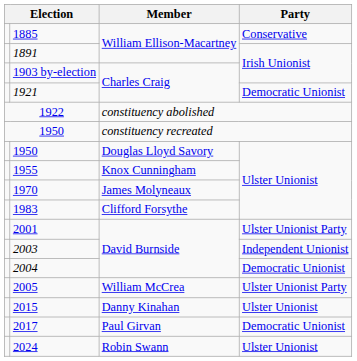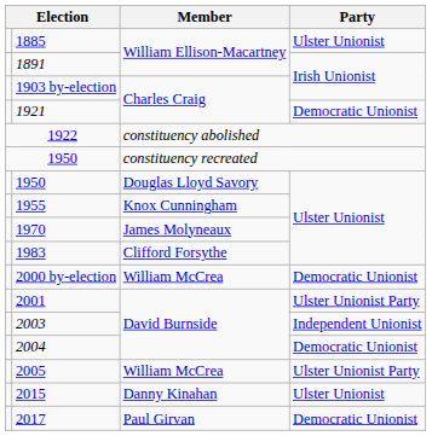 <table class="wikitable">
 <tr>
 <th colspan="2">Election</th>
 <th>Member</th>
 <th>Party</th>
 </tr>
 <tr>
 <td style="color:inherit;background-color: "></td>
 <td><a href='#'>1885</a></td>
 <td rowspan="2"><a href='#'>William Ellison-Macartney</a></td>
-<td><a href='#'>Conservative</a></td>
+<td><a href='#'>Ulster Unionist</a></td>
 </tr>
 <tr>
 <td style="color:inherit;background-color: "></td>
 <td><em>1891</em></td>
 <td rowspan="2"><a href='#'>Irish Unionist</a></td>
 </tr>
 <tr>
 <td style="color:inherit;background-color: "></td>
 <td><a href='#'>1903 by-election</a></td>
 <td rowspan="2"><a href='#'>Charles Craig</a></td>
 </tr>
 <tr>
 <td style="color:inherit;background-color: "></td>
 <td><em>1921</em></td>
 <td><a href='#'>Democratic Unionist</a></td>
 </tr>
 <tr>
 <td colspan="2" align="center"><a href='#'>1922</a></td>
 <td colspan="2"><em>constituency abolished</em></td>
 </tr>
 <tr>
 <td colspan="2" align="center"><a href='#'>1950</a></td>
 <td colspan="2"><em>constituency recreated</em></td>
 </tr>
 <tr>
 <td style="color:inherit;background-color: "></td>
 <td><a href='#'>1950</a></td>
 <td><a href='#'>Douglas Lloyd Savory</a></td>
 <td rowspan="4"><a href='#'>Ulster Unionist</a></td>
 </tr>
 <tr>
 <td style="color:inherit;background-color: "></td>
 <td><a href='#'>1955</a></td>
 <td><a href='#'>Knox Cunningham</a></td>
 </tr>
 <tr>
 <td style="color:inherit;background-color: "></td>
 <td><a href='#'>1970</a></td>
 <td><a href='#'>James Molyneaux</a></td>
 </tr>
 <tr>
 <td style="color:inherit;background-color: "></td>
 <td><a href='#'>1983</a></td>
 <td><a href='#'>Clifford Forsythe</a></td>
 </tr>
 <tr>
 <td style="color:inherit;background-color: "></td>
+<td><a href='#'>2000 by-election</a></td>
+<td><a href='#'>William McCrea</a></td>
+<td><a href='#'>Democratic Unionist</a></td>
+</tr>
+<tr>
+<td style="color:inherit;background-color: "></td>
 <td><a href='#'>2001</a></td>
 <td rowspan=3><a href='#'>David Burnside</a></td>
 <td><a href='#'>Ulster Unionist Party</a></td>
 </tr>
 <tr>
 <td style="color:inherit;background-color: "></td>
 <td><em>2003</em></td>
 <td><a href='#'>Independent Unionist</a></td>
 </tr>
 <tr>
 <td style="color:inherit;background-color: "></td>
 <td><em>2004</em></td>
 <td><a href='#'>Democratic Unionist</a></td>
 </tr>
 <tr>
 <td style="color:inherit;background-color: "></td>
 <td><a href='#'>2005</a></td>
 <td><a href='#'>William McCrea</a></td>
 <td><a href='#'>Ulster Unionist Party</a></td>
 </tr>
 <tr>
 <td style="color:inherit;background-color: "></td>
 <td><a href='#'>2015</a></td>
 <td><a href='#'>Danny Kinahan</a></td>
 <td><a href='#'>Ulster Unionist</a></td>
 </tr>
 <tr>
 <td style="color:inherit;background-color: "></td>
 <td><a href='#'>2017</a></td>
 <td><a href='#'>Paul Girvan</a></td>
 <td><a href='#'>Democratic Unionist</a></td>
 </tr>
-<tr>
-<td style="color:inherit;background-color: "></td>
-<td><a href='#'>2024</a></td>
-<td><a href='#'>Robin Swann</a></td>
-<td><a href='#'>Ulster Unionist</a></td>
-</tr>
 </table>
